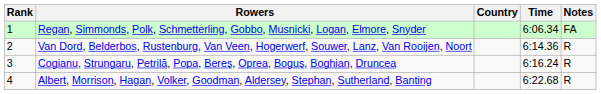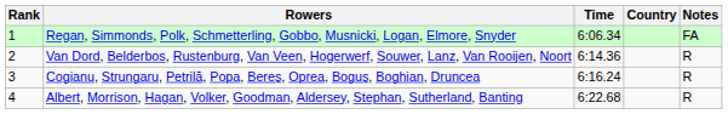 <table class="wikitable">
 <tr>
 <th>Rank</th>
 <th>Rowers</th>
+<th>Time</th>
 <th>Country</th>
-<th>Time</th>
 <th>Notes</th>
 </tr>
 <tr bgcolor=ccffcc>
 <td>1</td>
 <td><a href='#'>Regan</a>, <a href='#'>Simmonds</a>, <a href='#'>Polk</a>, <a href='#'>Schmetterling</a>, <a href='#'>Gobbo</a>, <a href='#'>Musnicki</a>, <a href='#'>Logan</a>, <a href='#'>Elmore</a>, <a href='#'>Snyder</a></td>
+<td>6:06.34</td>
 <td></td>
-<td>6:06.34</td>
 <td>FA</td>
 </tr>
 <tr>
 <td>2</td>
 <td><a href='#'>Van Dord</a>, <a href='#'>Belderbos</a>, <a href='#'>Rustenburg</a>, <a href='#'>Van Veen</a>, <a href='#'>Hogerwerf</a>, <a href='#'>Souwer</a>, <a href='#'>Lanz</a>, <a href='#'>Van Rooijen</a>, <a href='#'>Noort</a></td>
+<td>6:14.36</td>
 <td></td>
-<td>6:14.36</td>
 <td>R</td>
 </tr>
 <tr>
 <td>3</td>
 <td><a href='#'>Cogianu</a>, <a href='#'>Strungaru</a>, <a href='#'>Petrilă</a>, <a href='#'>Popa</a>, <a href='#'>Bereș</a>, <a href='#'>Oprea</a>, <a href='#'>Boguș</a>, <a href='#'>Boghian</a>, <a href='#'>Druncea</a></td>
+<td>6:16.24</td>
 <td></td>
-<td>6:16.24</td>
 <td>R</td>
 </tr>
 <tr>
 <td>4</td>
 <td><a href='#'>Albert</a>, <a href='#'>Morrison</a>, <a href='#'>Hagan</a>, <a href='#'>Volker</a>, <a href='#'>Goodman</a>, <a href='#'>Aldersey</a>, <a href='#'>Stephan</a>, <a href='#'>Sutherland</a>, <a href='#'>Banting</a></td>
+<td>6:22.68</td>
 <td></td>
-<td>6:22.68</td>
 <td>R</td>
 </tr>
 </table>
